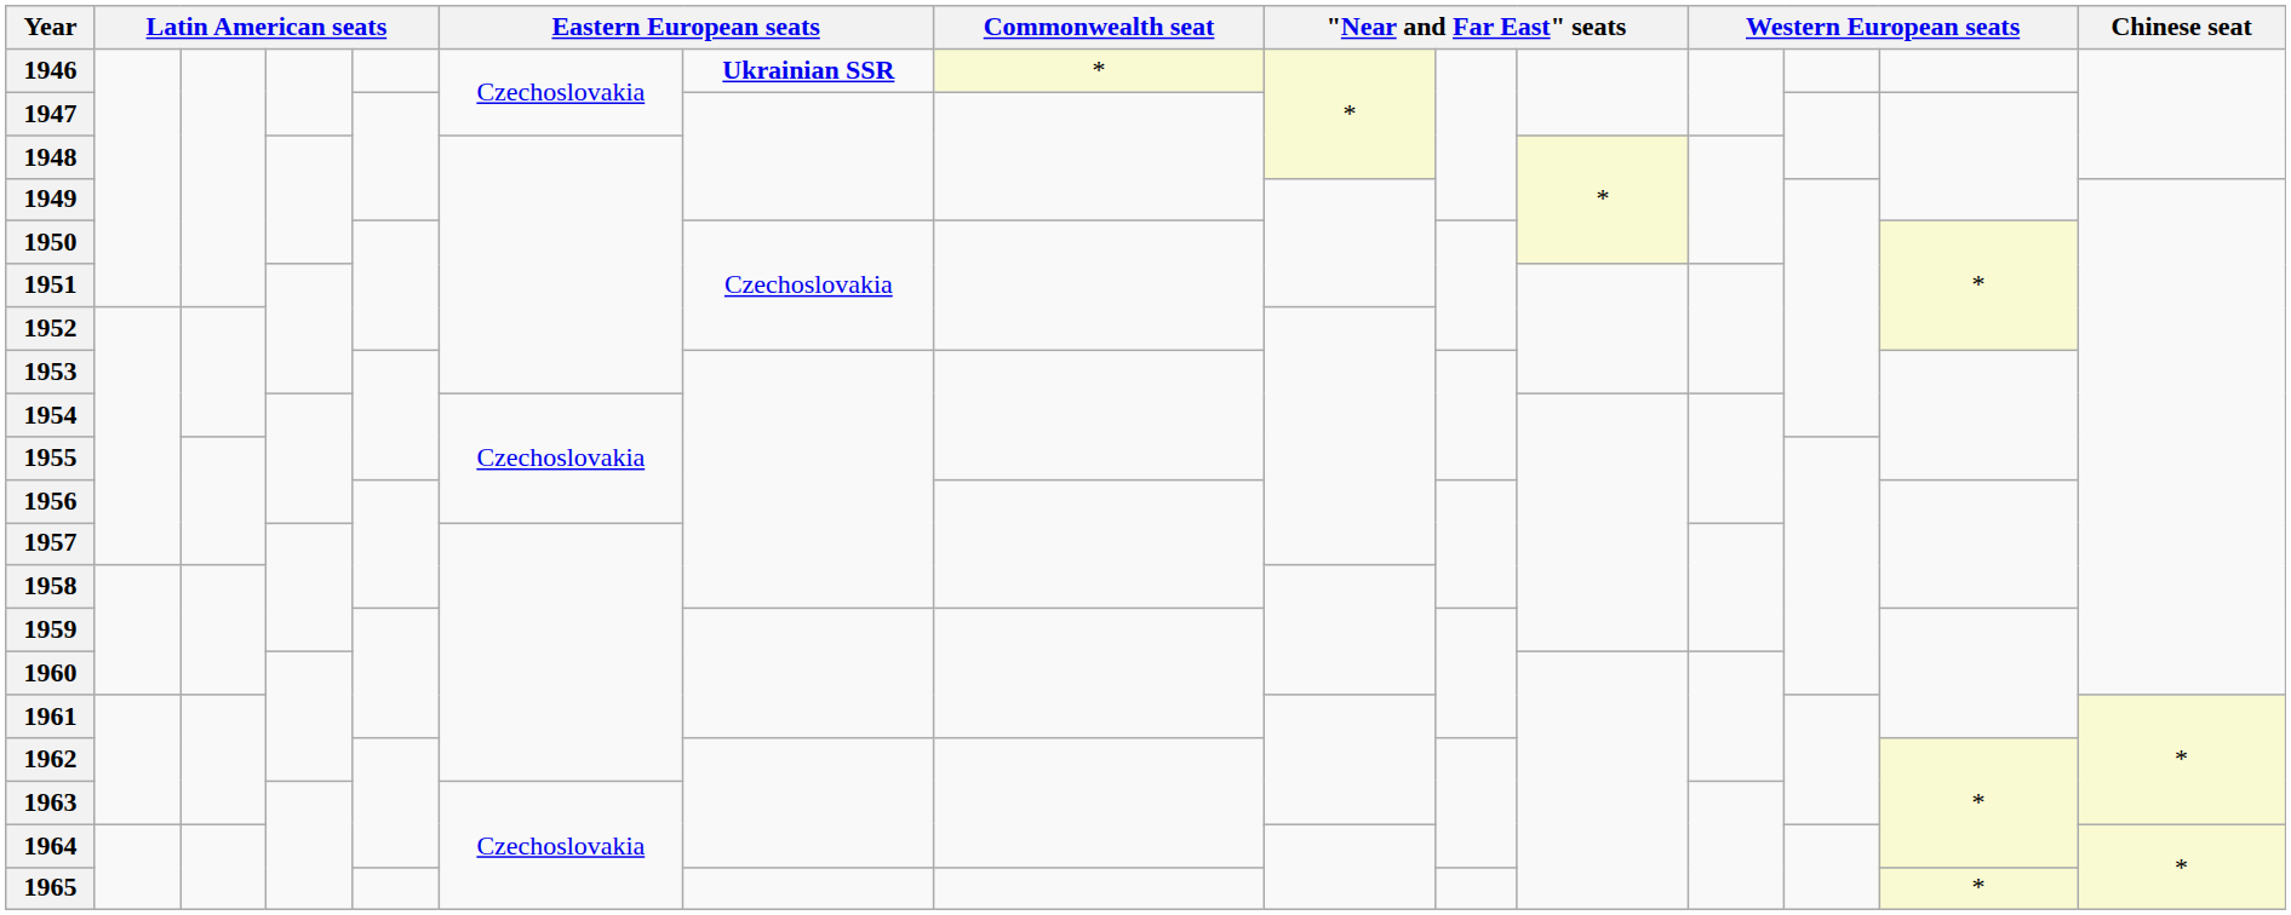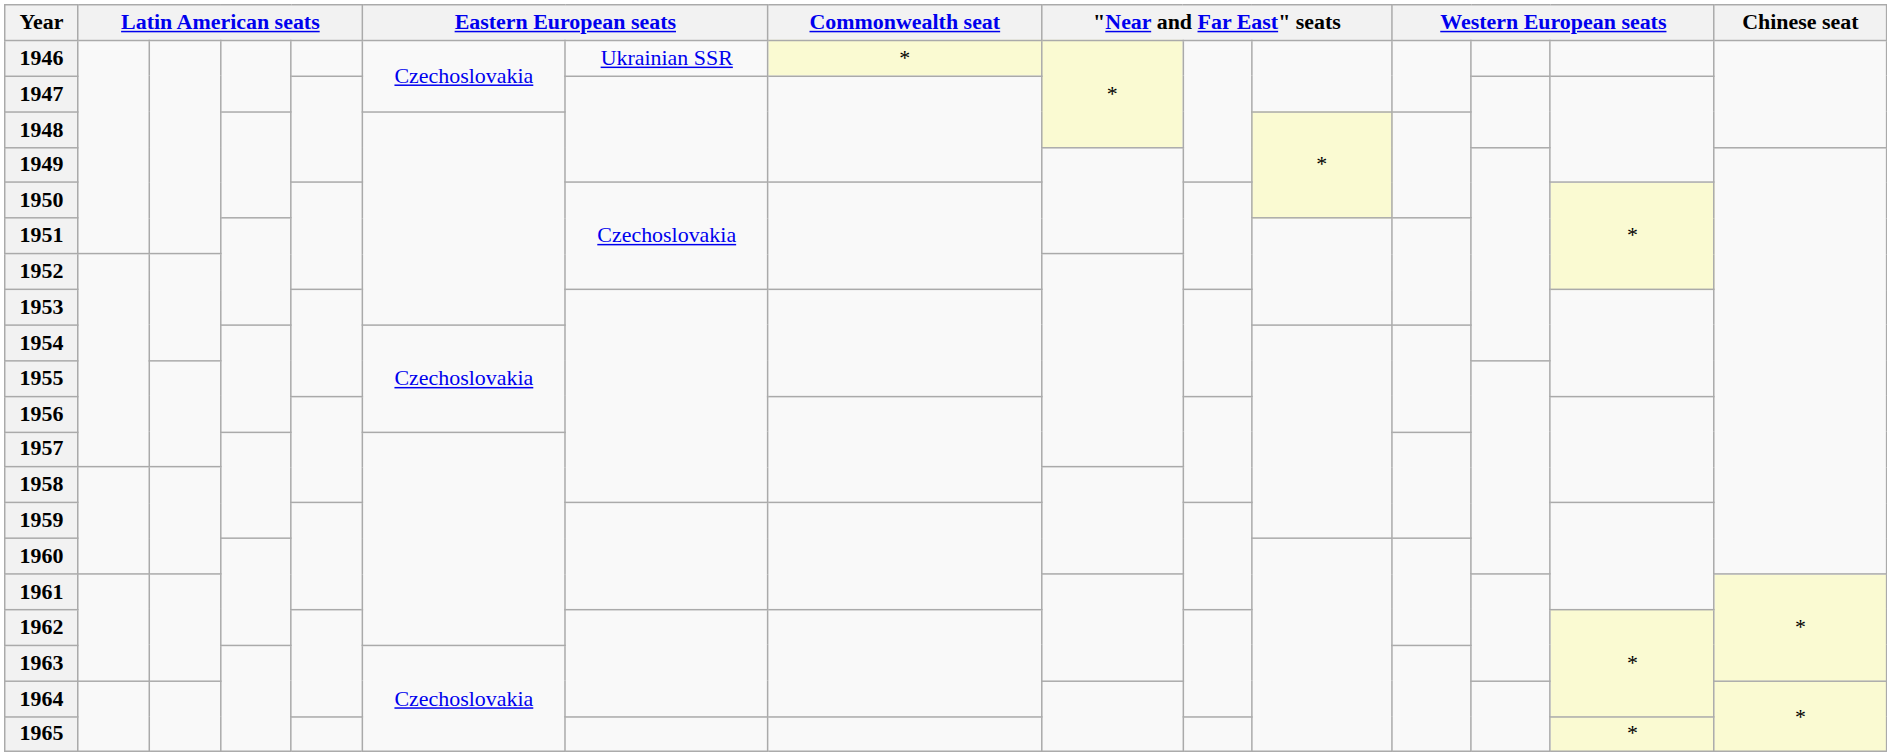 <table class="wikitable" style="width:100%; font-size:92%; text-align:center;">
 <tr>
 <th>Year</th>
 <th colspan="4"><a href='#'>Latin American seats</a></th>
 <th colspan="2"><a href='#'>Eastern European seats</a></th>
 <th><a href='#'>Common­wealth seat</a></th>
 <th colspan="3">"<a href='#'>Near</a> and <a href='#'>Far East</a>" seats</th>
 <th colspan="3"><a href='#'>Western European seats</a></th>
 <th>Chinese seat</th>
 </tr>
 <tr>
 <th>1946</th>
 <td rowspan="6"></td>
 <td rowspan="6"></td>
 <td rowspan="2"></td>
 <td rowspan="1"></td>
 <td rowspan="2"> <a href='#'>Czecho­slovakia</a></td>
-<td rowspan="1"><strong> <a href='#'>Ukrainian SSR</a></strong></td>
+<td rowspan="1"> <a href='#'>Ukrainian SSR</a></td>
 <td rowspan="1" style="background:#fafad2;">*</td>
 <td rowspan="3" style="background:#fafad2;">*</td>
 <td rowspan="4"></td>
 <td rowspan="2"></td>
 <td rowspan="2"></td>
 <td rowspan="1"></td>
 <td rowspan="1"></td>
 <td rowspan="3"></td>
 </tr>
 <tr>
 <th>1947</th>
 <td rowspan="3"></td>
 <td rowspan="3"></td>
 <td rowspan="3"></td>
 <td rowspan="2" style="padding:0.2em 0.1em;"></td>
 <td rowspan="3"></td>
 </tr>
 <tr>
 <th>1948</th>
 <td rowspan="3"></td>
 <td rowspan="6"></td>
 <td rowspan="3" style="background:#fafad2;">*</td>
 <td rowspan="3"></td>
 </tr>
 <tr>
 <th>1949</th>
 <td rowspan="3"></td>
 <td rowspan="6"></td>
 <td rowspan="12"></td>
 </tr>
 <tr>
 <th>1950</th>
 <td rowspan="3"></td>
 <td rowspan="3"> <a href='#'>Czecho­slovakia</a></td>
 <td rowspan="3"></td>
 <td rowspan="3"></td>
 <td rowspan="3" style="background:#fafad2;">*</td>
 </tr>
 <tr>
 <th>1951</th>
 <td rowspan="3"></td>
 <td rowspan="3"></td>
 <td rowspan="3"></td>
 </tr>
 <tr>
 <th>1952</th>
 <td rowspan="6"></td>
 <td rowspan="3"></td>
 <td rowspan="6"></td>
 </tr>
 <tr>
 <th>1953</th>
 <td rowspan="3"></td>
 <td rowspan="6"></td>
 <td rowspan="3"></td>
 <td rowspan="3"></td>
 <td rowspan="3"></td>
 </tr>
 <tr>
 <th>1954</th>
 <td rowspan="3"></td>
 <td rowspan="3"> <a href='#'>Czecho­slovakia</a></td>
 <td rowspan="6"></td>
 <td rowspan="3"></td>
 </tr>
 <tr>
 <th>1955</th>
 <td rowspan="3"></td>
 <td rowspan="6"></td>
 </tr>
 <tr>
 <th>1956</th>
 <td rowspan="3"></td>
 <td rowspan="3"></td>
 <td rowspan="3"></td>
 <td rowspan="3"></td>
 </tr>
 <tr>
 <th>1957</th>
 <td rowspan="3"></td>
 <td rowspan="6"></td>
 <td rowspan="3"></td>
 </tr>
 <tr>
 <th>1958</th>
 <td rowspan="3"></td>
 <td rowspan="3"></td>
 <td rowspan="3"></td>
 </tr>
 <tr>
 <th>1959</th>
 <td rowspan="3"></td>
 <td rowspan="3"></td>
 <td rowspan="3"></td>
 <td rowspan="3"></td>
 <td rowspan="3"></td>
 </tr>
 <tr>
 <th>1960</th>
 <td rowspan="3"></td>
 <td rowspan="6"></td>
 <td rowspan="3"></td>
 </tr>
 <tr>
 <th>1961</th>
 <td rowspan="3"></td>
 <td rowspan="3"></td>
 <td rowspan="3"></td>
 <td rowspan="3"></td>
 <td rowspan="3" style="background:#fafad2;">*</td>
 </tr>
 <tr>
 <th>1962</th>
 <td rowspan="3"></td>
 <td rowspan="3"></td>
 <td rowspan="3"></td>
 <td rowspan="3"></td>
 <td rowspan="3" style="background:#fafad2;">*</td>
 </tr>
 <tr>
 <th>1963</th>
 <td rowspan="3"></td>
 <td rowspan="3"> <a href='#'>Czecho­slovakia</a></td>
 <td rowspan="3"></td>
 </tr>
 <tr>
 <th>1964</th>
 <td rowspan="2"></td>
 <td rowspan="2"></td>
 <td rowspan="2"></td>
 <td rowspan="2"></td>
 <td rowspan="2" style="background:#fafad2;">*</td>
 </tr>
 <tr>
 <th>1965</th>
 <td rowspan="1"></td>
 <td rowspan="1"></td>
 <td rowspan="1"></td>
 <td rowspan="1"></td>
 <td rowspan="1" style="background:#fafad2;">*</td>
 </tr>
 </table>
